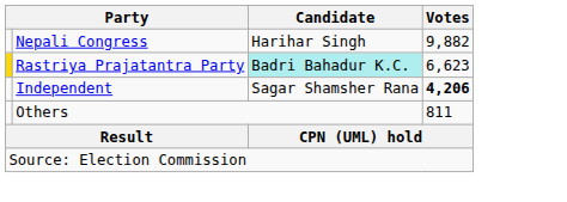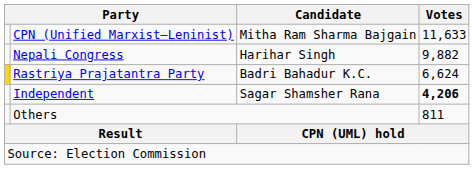 <table class="wikitable">
 <tr>
 <th colspan="2">Party</th>
 <th>Candidate</th>
 <th>Votes</th>
+</tr>
+<tr>
+<td style="background-color:"></td>
+<td><a href='#'>CPN (Unified Marxist–Leninist)</a></td>
+<td>Mitha Ram Sharma Bajgain</td>
+<td>11,633</td>
 </tr>
 <tr>
 <td style="background-color:"></td>
 <td><a href='#'>Nepali Congress</a></td>
 <td>Harihar Singh</td>
 <td>9,882</td>
 </tr>
 <tr>
 <td style="background-color:gold"></td>
 <td><a href='#'>Rastriya Prajatantra Party</a></td>
-<td style="background: paleturquoise;">Badri Bahadur K.C.</td>
-<td>6,623</td>
+<td>Badri Bahadur K.C.</td>
+<td>6,624</td>
 </tr>
 <tr>
 <td style="background-color:"></td>
 <td><a href='#'>Independent</a></td>
 <td>Sagar Shamsher Rana</td>
 <td><strong>4,206</strong></td>
 </tr>
 <tr>
 <td></td>
 <td colspan="2">Others</td>
 <td>811</td>
 </tr>
 <tr>
 <th colspan="2">Result</th>
 <th colspan="2">CPN (UML) hold</th>
 </tr>
 <tr>
 <td colspan="4">Source: Election Commission </td>
 </tr>
 </table>
